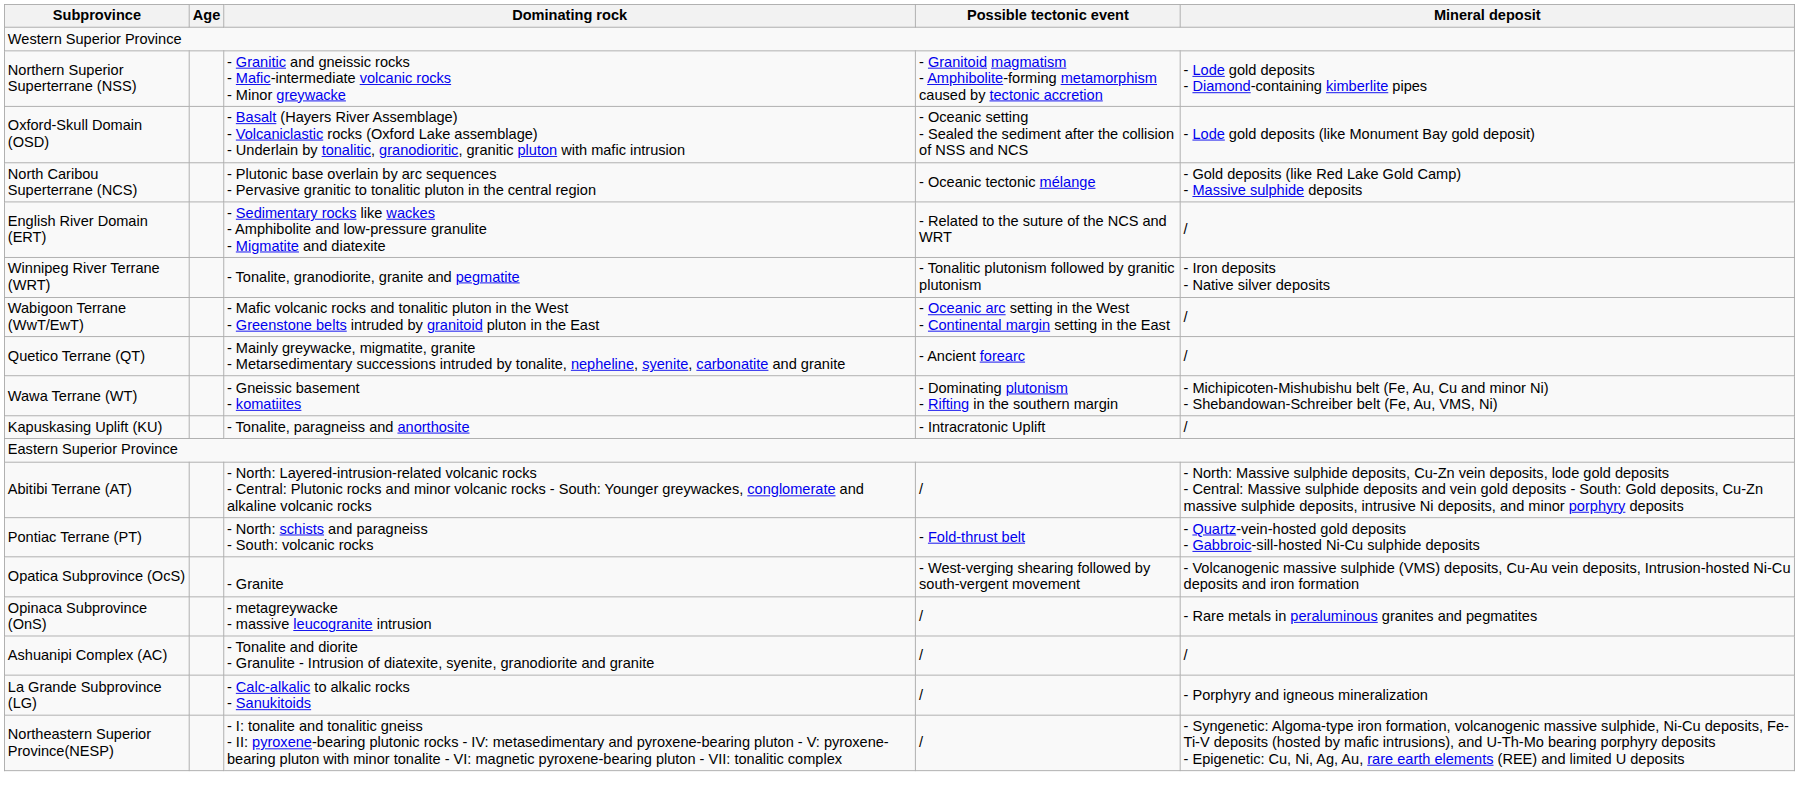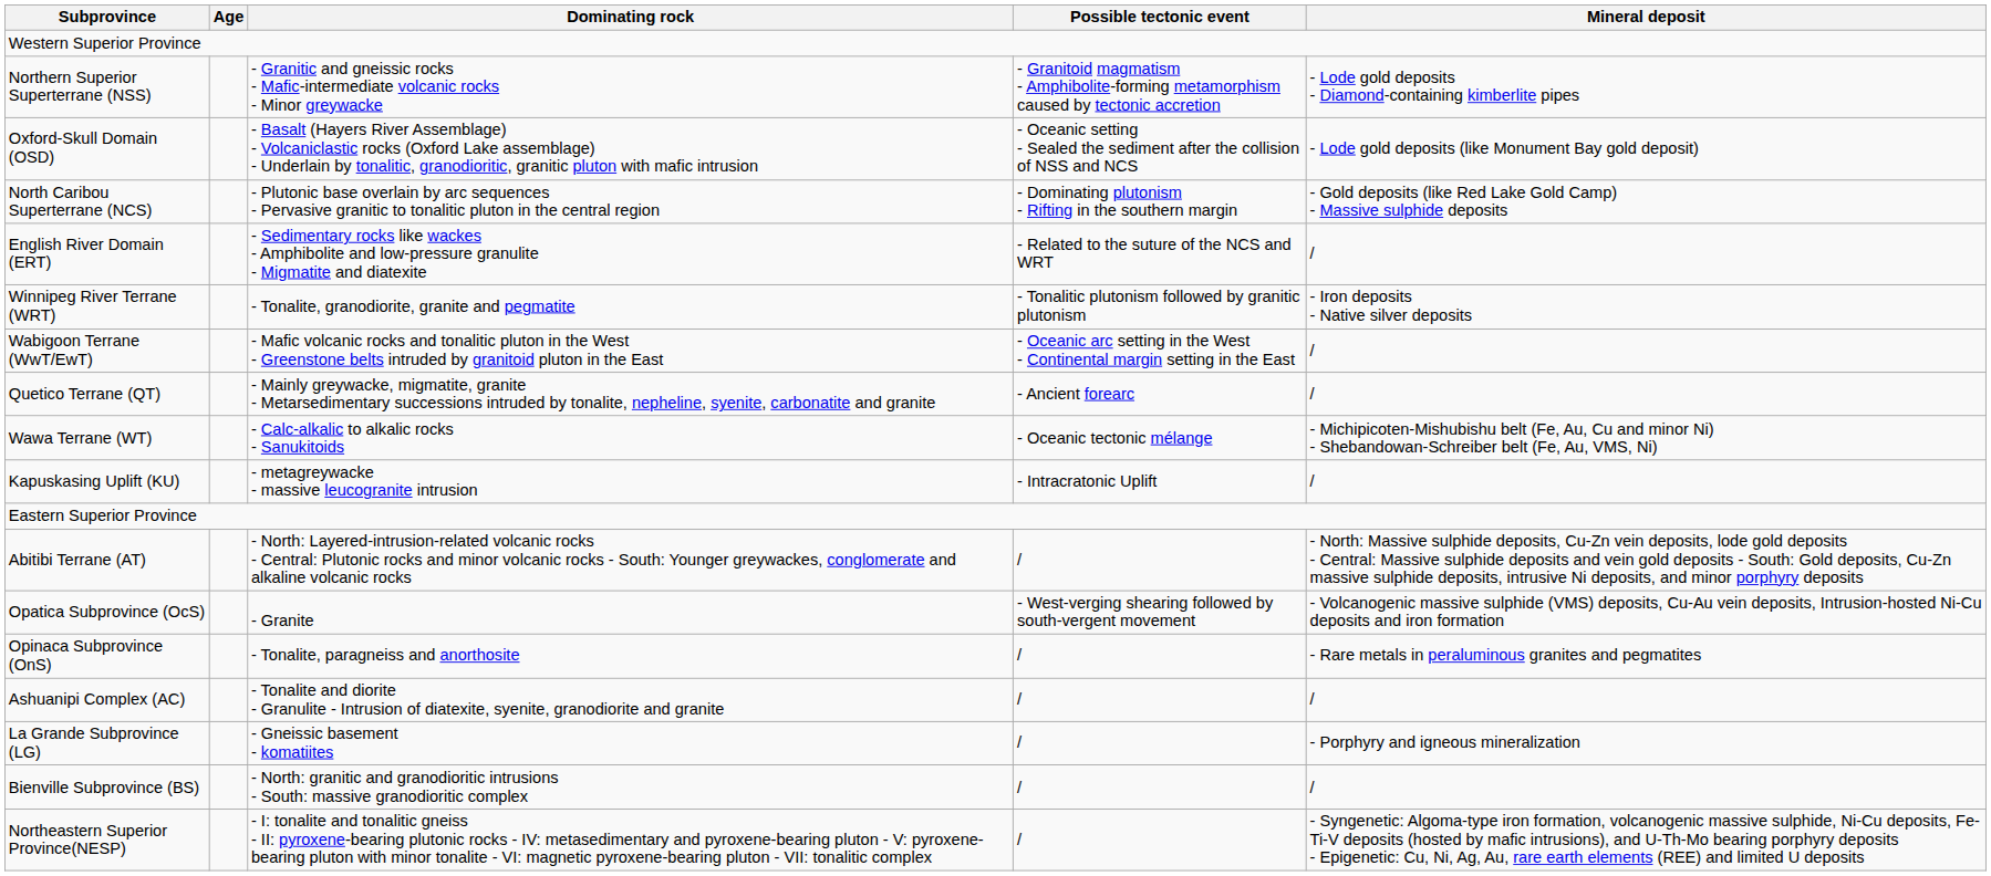 <table class="wikitable mw-collapsible mw-collapsed">
 <tr>
 <th>Subprovince</th>
 <th>Age</th>
 <th>Dominating rock</th>
 <th>Possible tectonic event</th>
 <th>Mineral deposit</th>
 </tr>
 <tr>
 <td colspan="5">Western Superior Province</td>
 </tr>
 <tr>
 <td>Northern Superior Superterrane (NSS)</td>
 <td></td>
 <td>- <a href='#'>Granitic</a> and gneissic rocks<br>- <a href='#'>Mafic</a>-intermediate <a href='#'>volcanic rocks</a><br>- Minor <a href='#'>greywacke</a></td>
 <td>- <a href='#'>Granitoid</a> <a href='#'>magmatism</a><br>- <a href='#'>Amphibolite</a>-forming <a href='#'>metamorphism</a> caused by <a href='#'>tectonic accretion</a></td>
 <td>- <a href='#'>Lode</a> gold deposits<br>- <a href='#'>Diamond</a>-containing <a href='#'>kimberlite</a> pipes</td>
 </tr>
 <tr>
 <td>Oxford-Skull Domain (OSD)</td>
 <td></td>
 <td>- <a href='#'>Basalt</a> (Hayers River Assemblage)<br>- <a href='#'>Volcaniclastic</a> rocks (Oxford Lake assemblage)<br>- Underlain by <a href='#'>tonalitic</a>, <a href='#'>granodioritic</a>, granitic <a href='#'>pluton</a> with mafic intrusion</td>
 <td>- Oceanic setting<br>- Sealed the sediment after the collision of NSS and NCS</td>
 <td>- <a href='#'>Lode</a> gold deposits (like Monument Bay gold deposit)</td>
 </tr>
 <tr>
 <td>North Caribou  Superterrane (NCS)</td>
 <td></td>
 <td>- Plutonic base overlain by arc sequences<br>- Pervasive granitic to tonalitic pluton in the central region</td>
-<td>- Oceanic tectonic <a href='#'>mélange</a></td>
+<td>- Dominating <a href='#'>plutonism</a><br>- <a href='#'>Rifting</a> in the southern margin</td>
 <td>- Gold deposits (like Red Lake Gold Camp)<br>- <a href='#'>Massive sulphide</a> deposits</td>
 </tr>
 <tr>
 <td>English River  Domain (ERT)</td>
 <td></td>
 <td>- <a href='#'>Sedimentary rocks</a> like <a href='#'>wackes</a><br>-  Amphibolite and low-pressure granulite<br>- <a href='#'>Migmatite</a> and diatexite</td>
 <td>- Related to the suture of the NCS and WRT</td>
 <td>/</td>
 </tr>
 <tr>
 <td>Winnipeg River  Terrane (WRT)</td>
 <td></td>
 <td>- Tonalite, granodiorite, granite and <a href='#'>pegmatite</a></td>
 <td>- Tonalitic plutonism followed by granitic plutonism</td>
 <td>- Iron deposits<br>- Native silver deposits</td>
 </tr>
 <tr>
 <td>Wabigoon Terrane (WwT/EwT)</td>
 <td></td>
 <td>- Mafic volcanic rocks and tonalitic pluton in the West<br>- <a href='#'>Greenstone belts</a> intruded by <a href='#'>granitoid</a> pluton in the East</td>
 <td>- <a href='#'>Oceanic arc</a> setting in the West<br>- <a href='#'>Continental margin</a> setting in the East</td>
 <td>/</td>
 </tr>
 <tr>
 <td>Quetico Terrane (QT)</td>
 <td></td>
 <td>- Mainly greywacke, migmatite, granite<br>- Metarsedimentary successions intruded by tonalite, <a href='#'>nepheline</a>, <a href='#'>syenite</a>, <a href='#'>carbonatite</a> and granite</td>
 <td>- Ancient <a href='#'>forearc</a></td>
 <td>/</td>
 </tr>
 <tr>
 <td>Wawa Terrane (WT)</td>
 <td></td>
-<td>- Gneissic basement<br>- <a href='#'>komatiites</a></td>
-<td>- Dominating <a href='#'>plutonism</a><br>- <a href='#'>Rifting</a> in the southern margin</td>
+<td>- <a href='#'>Calc-alkalic</a> to alkalic rocks<br>- <a href='#'>Sanukitoids</a></td>
+<td>- Oceanic tectonic <a href='#'>mélange</a></td>
 <td>- Michipicoten-Mishubishu belt (Fe, Au, Cu and minor Ni)<br>- Shebandowan-Schreiber belt (Fe,  Au, VMS, Ni)</td>
 </tr>
 <tr>
 <td>Kapuskasing Uplift (KU)</td>
 <td></td>
-<td>- Tonalite, paragneiss and <a href='#'>anorthosite</a></td>
+<td>- metagreywacke<br>- massive <a href='#'>leucogranite</a> intrusion</td>
 <td>- Intracratonic Uplift</td>
 <td>/</td>
 </tr>
 <tr>
 <td colspan="5">Eastern Superior Province</td>
 </tr>
 <tr>
 <td>Abitibi Terrane (AT)</td>
 <td></td>
 <td>- North: Layered-intrusion-related volcanic rocks<br>- Central: Plutonic rocks and minor volcanic rocks - South: Younger greywackes, <a href='#'>conglomerate</a> and alkaline volcanic rocks</td>
 <td>/</td>
 <td>- North: Massive sulphide deposits, Cu-Zn vein deposits, lode gold deposits<br>- Central: Massive sulphide deposits and vein gold deposits - South: Gold deposits, Cu-Zn massive sulphide deposits, intrusive Ni deposits, and minor  <a href='#'>porphyry</a> deposits</td>
 </tr>
 <tr>
-<td>Pontiac Terrane (PT)</td>
-<td></td>
-<td>- North: <a href='#'>schists</a> and paragneiss<br>- South: volcanic rocks</td>
-<td>- <a href='#'>Fold-thrust belt</a></td>
-<td>- <a href='#'>Quartz</a>-vein-hosted gold deposits<br>- <a href='#'>Gabbroic</a>-sill-hosted Ni-Cu sulphide deposits</td>
-</tr>
-<tr>
 <td>Opatica Subprovince (OcS)</td>
 <td></td>
 <td><br>- Granite</td>
 <td>- West-verging shearing followed by south-vergent movement</td>
 <td>- Volcanogenic massive sulphide (VMS) deposits, Cu-Au vein deposits, Intrusion-hosted Ni-Cu deposits and iron formation</td>
 </tr>
 <tr>
 <td>Opinaca Subprovince (OnS)</td>
 <td></td>
-<td>- metagreywacke<br>- massive <a href='#'>leucogranite</a> intrusion</td>
+<td>- Tonalite, paragneiss and <a href='#'>anorthosite</a></td>
 <td>/</td>
 <td>- Rare metals in <a href='#'>peraluminous</a> granites and pegmatites</td>
 </tr>
 <tr>
 <td>Ashuanipi Complex (AC)</td>
 <td></td>
 <td>- Tonalite and diorite<br>- Granulite - Intrusion of diatexite, syenite, granodiorite and granite</td>
 <td>/</td>
 <td>/</td>
 </tr>
 <tr>
 <td>La Grande Subprovince (LG)</td>
 <td></td>
-<td>- <a href='#'>Calc-alkalic</a> to alkalic rocks<br>- <a href='#'>Sanukitoids</a></td>
+<td>- Gneissic basement<br>- <a href='#'>komatiites</a></td>
 <td>/</td>
 <td>- Porphyry and igneous mineralization</td>
+</tr>
+<tr>
+<td>Bienville Subprovince (BS)</td>
+<td></td>
+<td>- North: granitic and granodioritic intrusions<br>- South: massive granodioritic complex</td>
+<td>/</td>
+<td>/</td>
 </tr>
 <tr>
 <td>Northeastern  Superior Province(NESP)</td>
 <td></td>
 <td>- I: tonalite and tonalitic gneiss<br>- II: <a href='#'>pyroxene</a>-bearing plutonic rocks - IV: metasedimentary and pyroxene-bearing pluton - V: pyroxene-bearing pluton with minor tonalite - VI: magnetic pyroxene-bearing pluton - VII:  tonalitic complex</td>
 <td>/</td>
 <td>- Syngenetic: Algoma-type iron formation, volcanogenic massive sulphide, Ni-Cu deposits, Fe-Ti-V  deposits (hosted by mafic intrusions), and U-Th-Mo bearing porphyry deposits<br>- Epigenetic: Cu,  Ni, Ag, Au, <a href='#'>rare earth elements</a> (REE) and limited U deposits</td>
 </tr>
 </table>
